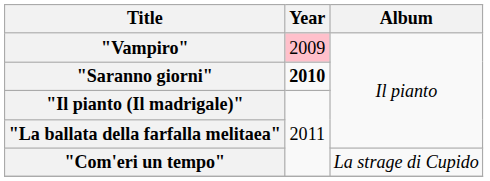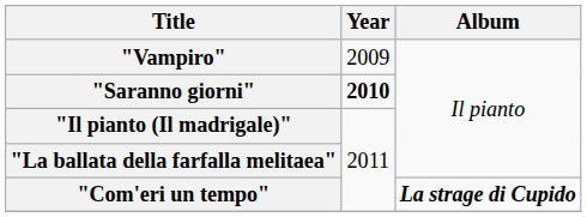 <table class="wikitable plainrowheaders" style="text-align:center;">
 <tr>
 <th scope="col">Title</th>
 <th scope="col">Year</th>
 <th scope="col">Album</th>
 </tr>
 <tr>
 <th scope="row">"Vampiro"</th>
-<td style="background: pink;">2009</td>
+<td>2009</td>
 <td rowspan="4"><em>Il pianto</em></td>
 </tr>
 <tr>
 <th scope="row">"Saranno giorni"</th>
 <td><strong>2010</strong></td>
 </tr>
 <tr>
 <th scope="row">"Il pianto (Il madrigale)"</th>
 <td rowspan="3">2011</td>
 </tr>
 <tr>
 <th scope="row">"La ballata della farfalla melitaea"</th>
 </tr>
 <tr>
 <th scope="row">"Com'eri un tempo"</th>
-<td><em>La strage di Cupido</em></td>
+<td><strong><em>La strage di Cupido</em></strong></td>
 </tr>
 <tr>
 </tr>
 </table>
